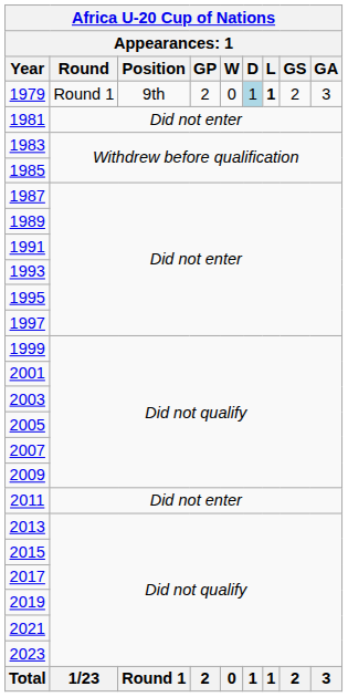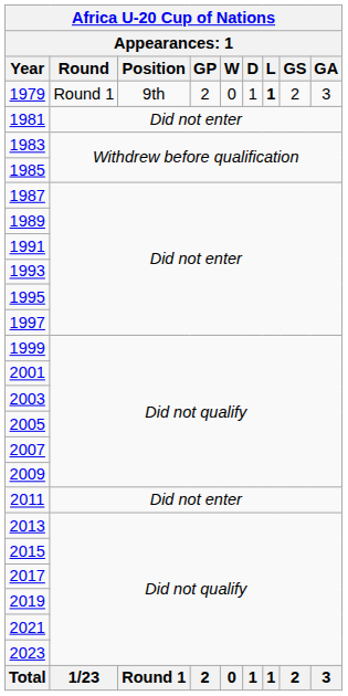 <table class="wikitable" style="text-align: center;font-size:90%;">
 <tr>
 <th colspan=9><a href='#'>Africa U-20 Cup of Nations</a></th>
 </tr>
 <tr>
 <th colspan=9>Appearances: 1</th>
 </tr>
 <tr>
 <th>Year</th>
 <th>Round</th>
 <th>Position</th>
 <th>GP</th>
 <th>W</th>
 <th>D</th>
 <th>L</th>
 <th>GS</th>
 <th>GA</th>
 </tr>
 <tr>
 <td> <a href='#'>1979</a></td>
 <td>Round 1</td>
 <td>9th</td>
 <td>2</td>
 <td>0</td>
-<td style="background: lightblue;">1</td>
+<td>1</td>
 <td><strong>1</strong></td>
 <td>2</td>
 <td>3</td>
 </tr>
 <tr>
 <td> <a href='#'>1981</a></td>
 <td colspan=8><em>Did not enter</em></td>
 </tr>
 <tr>
 <td> <a href='#'>1983</a></td>
 <td colspan=8 rowspan=2><em>Withdrew before qualification</em></td>
 </tr>
 <tr>
 <td> <a href='#'>1985</a></td>
 </tr>
 <tr>
 <td> <a href='#'>1987</a></td>
 <td colspan=8 rowspan=6><em>Did not enter</em></td>
 </tr>
 <tr>
 <td> <a href='#'>1989</a></td>
 </tr>
 <tr>
 <td> <a href='#'>1991</a></td>
 </tr>
 <tr>
 <td> <a href='#'>1993</a></td>
 </tr>
 <tr>
 <td> <a href='#'>1995</a></td>
 </tr>
 <tr>
 <td> <a href='#'>1997</a></td>
 </tr>
 <tr>
 <td> <a href='#'>1999</a></td>
 <td colspan=8 rowspan=6><em>Did not qualify</em></td>
 </tr>
 <tr>
 <td> <a href='#'>2001</a></td>
 </tr>
 <tr>
 <td> <a href='#'>2003</a></td>
 </tr>
 <tr>
 <td> <a href='#'>2005</a></td>
 </tr>
 <tr>
 <td> <a href='#'>2007</a></td>
 </tr>
 <tr>
 <td> <a href='#'>2009</a></td>
 </tr>
 <tr>
 <td> <a href='#'>2011</a></td>
 <td colspan=8><em>Did not enter</em></td>
 </tr>
 <tr>
 <td> <a href='#'>2013</a></td>
 <td colspan=8 rowspan=6><em>Did not qualify</em></td>
 </tr>
 <tr>
 <td> <a href='#'>2015</a></td>
 </tr>
 <tr>
 <td> <a href='#'>2017</a></td>
 </tr>
 <tr>
 <td> <a href='#'>2019</a></td>
 </tr>
 <tr>
 <td> <a href='#'>2021</a></td>
 </tr>
 <tr>
 <td> <a href='#'>2023</a></td>
 </tr>
 <tr>
 <th>Total</th>
 <th>1/23</th>
 <th>Round 1</th>
 <th>2</th>
 <th>0</th>
 <th>1</th>
 <th>1</th>
 <th>2</th>
 <th>3</th>
 </tr>
 </table>
